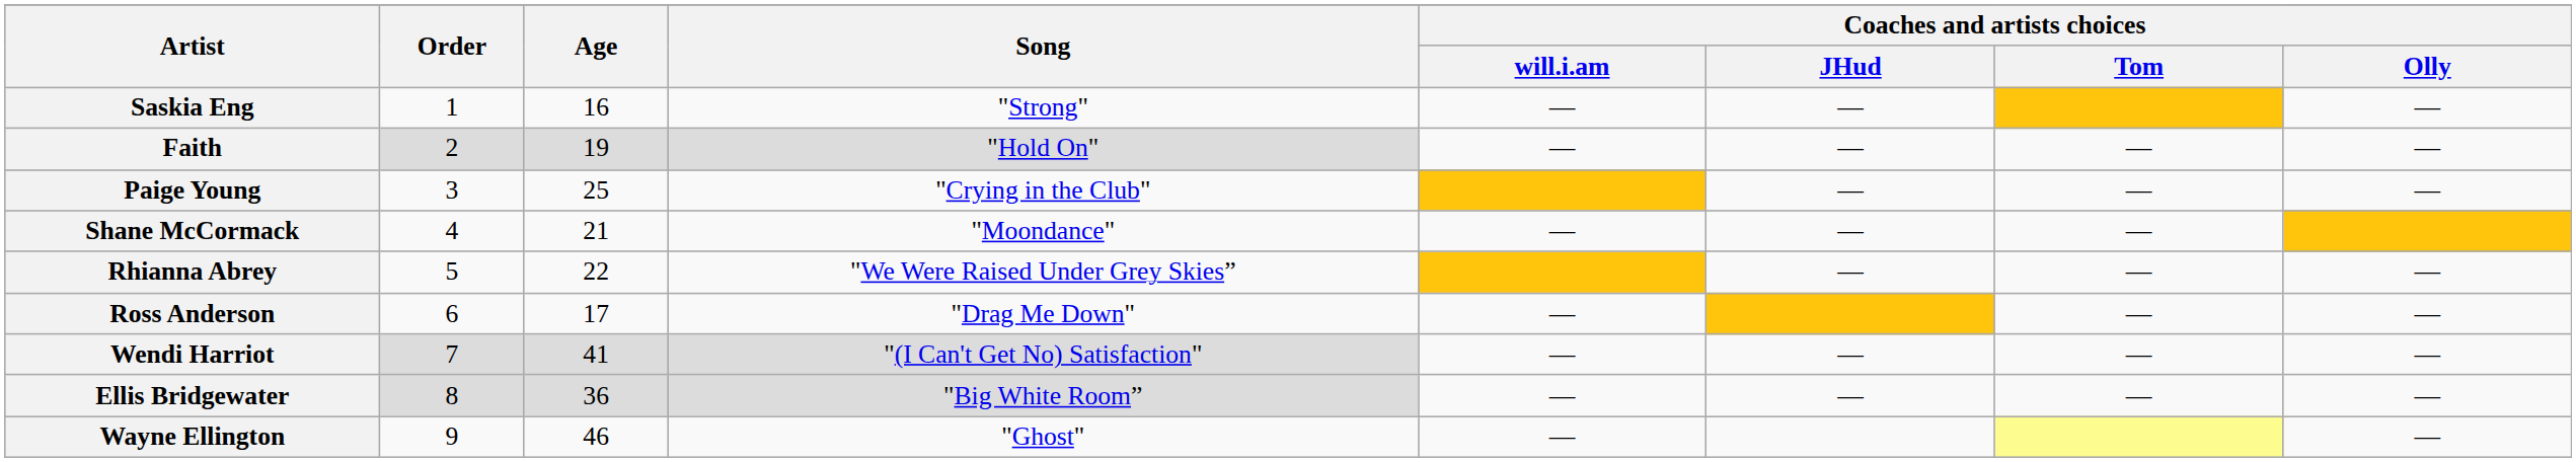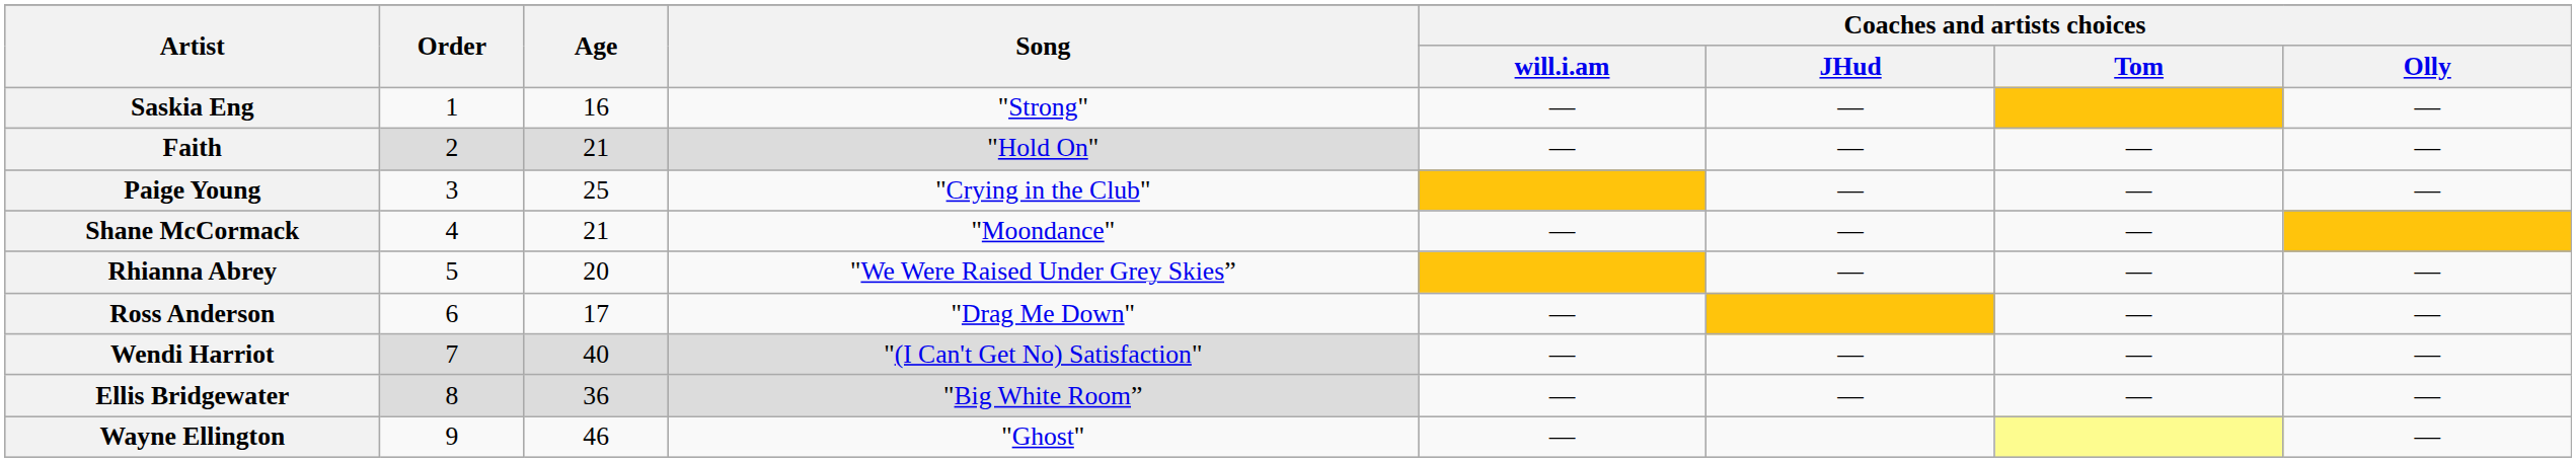 <table class="wikitable" style="text-align:center; width:100%;">
 <tr>
 </tr>
 <tr>
 <th scope="col" rowspan="2" style="width:13%;">Artist</th>
 <th scope="col" rowspan="2" style="width:05%;">Order</th>
 <th scope="col" rowspan="2" style="width:05%;">Age</th>
 <th scope="col" rowspan="2" style="width:26%;">Song</th>
 <th colspan="4" style="width:40%;">Coaches and artists choices</th>
 </tr>
 <tr>
 <th style="width:10%;"><a href='#'>will.i.am</a></th>
 <th style="width:10%;"><a href='#'>JHud</a></th>
 <th style="width:10%;"><a href='#'>Tom</a></th>
 <th style="width:10%;"><a href='#'>Olly</a></th>
 </tr>
 <tr>
 <th scope="row"><div> Saskia Eng </div></th>
 <td>1</td>
 <td>16</td>
 <td>"<a href='#'>Strong</a>"</td>
 <td>—</td>
 <td>—</td>
 <td style="background:#FFC40C;text-align:center;"><strong></strong></td>
 <td>—</td>
 </tr>
 <tr>
 <th scope="row"><div> Faith </div></th>
 <td style="background:#DCDCDC; text-align:center;">2</td>
-<td style="background:#DCDCDC; text-align:center;">19</td>
+<td style="background:#DCDCDC; text-align:center;">21</td>
 <td style="background:#DCDCDC; text-align:center;">"<a href='#'>Hold On</a>"</td>
 <td>—</td>
 <td>—</td>
 <td>—</td>
 <td>—</td>
 </tr>
 <tr>
 <th scope="row"><div> Paige Young </div></th>
 <td>3</td>
 <td>25</td>
 <td>"<a href='#'>Crying in the Club</a>"</td>
 <td style="background:#FFC40C;text-align:center;"><strong></strong></td>
 <td>—</td>
 <td>—</td>
 <td>—</td>
 </tr>
 <tr>
 <th scope="row"><div> Shane McCormack </div></th>
 <td>4</td>
 <td>21</td>
 <td>"<a href='#'>Moondance</a>"</td>
 <td>—</td>
 <td>—</td>
 <td>—</td>
 <td style="background:#FFC40C;text-align:center;"><strong></strong></td>
 </tr>
 <tr>
 <th scope="row"><div> Rhianna Abrey </div></th>
 <td>5</td>
-<td>22</td>
+<td>20</td>
 <td>"<a href='#'>We Were Raised Under Grey Skies</a>”</td>
 <td style="background:#FFC40C;text-align:center;"><strong></strong></td>
 <td>—</td>
 <td>—</td>
 <td>—</td>
 </tr>
 <tr>
 <th scope="row"><div> Ross Anderson </div></th>
 <td>6</td>
 <td>17</td>
 <td>"<a href='#'>Drag Me Down</a>"</td>
 <td>—</td>
 <td style="background:#FFC40C;text-align:center;"><strong></strong></td>
 <td>—</td>
 <td>—</td>
 </tr>
 <tr>
 <th scope="row"><div> Wendi Harriot </div></th>
 <td style="background:#DCDCDC; text-align:center;">7</td>
-<td style="background:#DCDCDC; text-align:center;">41</td>
+<td style="background:#DCDCDC; text-align:center;">40</td>
 <td style="background:#DCDCDC; text-align:center;">"<a href='#'>(I Can't Get No) Satisfaction</a>"</td>
 <td>—</td>
 <td>—</td>
 <td>—</td>
 <td>—</td>
 </tr>
 <tr>
 <th scope="row"><div> Ellis Bridgewater </div></th>
 <td style="background:#DCDCDC; text-align:center;">8</td>
 <td style="background:#DCDCDC; text-align:center;">36</td>
 <td style="background:#DCDCDC; text-align:center;">"<a href='#'>Big White Room</a>”</td>
 <td>—</td>
 <td>—</td>
 <td>—</td>
 <td>—</td>
 </tr>
 <tr>
 <th scope="row"><div>  Wayne Ellington </div></th>
 <td>9</td>
 <td>46</td>
 <td>"<a href='#'>Ghost</a>"</td>
 <td>—</td>
 <td><strong></strong></td>
 <td style="background:#fdfc8f;"><strong></strong></td>
 <td>—</td>
 </tr>
 </table>
